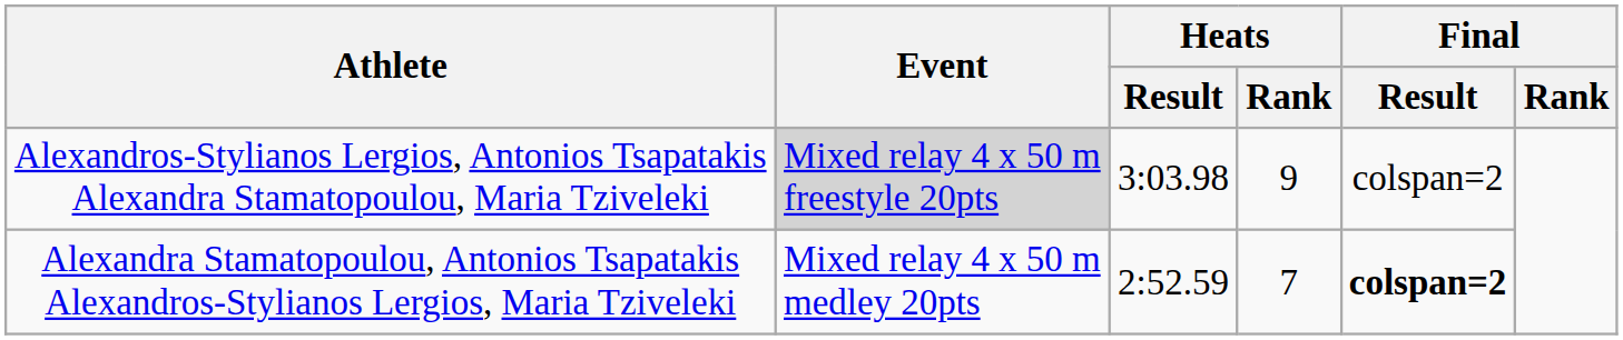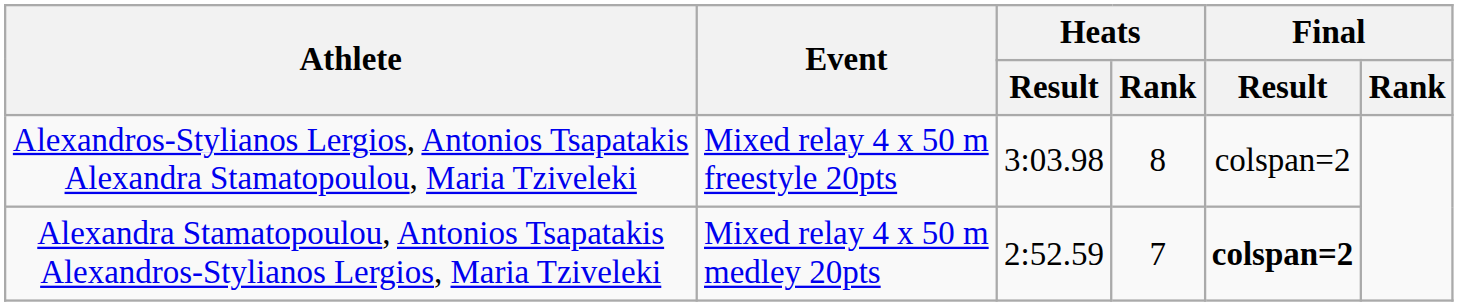 <table class=wikitable style="font-size:90%">
 <tr>
 <th rowspan="2">Athlete</th>
 <th rowspan="2">Event</th>
 <th colspan="2">Heats</th>
 <th colspan="2">Final</th>
 </tr>
 <tr>
 <th>Result</th>
 <th>Rank</th>
 <th>Result</th>
 <th>Rank</th>
 </tr>
 <tr align=center>
 <td><a href='#'>Alexandros-Stylianos Lergios</a>, <a href='#'>Antonios Tsapatakis</a> <br> <a href='#'>Alexandra Stamatopoulou</a>, <a href='#'>Maria Tziveleki</a></td>
-<td align=left style="background: lightgrey;"><a href='#'>Mixed relay 4 x 50 m <br> freestyle 20pts</a></td>
+<td align=left><a href='#'>Mixed relay 4 x 50 m <br> freestyle 20pts</a></td>
 <td>3:03.98</td>
-<td>9</td>
+<td>8</td>
 <td>colspan=2 </td>
 </tr>
 <tr align=center>
 <td><a href='#'>Alexandra Stamatopoulou</a>, <a href='#'>Antonios Tsapatakis</a> <br> <a href='#'>Alexandros-Stylianos Lergios</a>, <a href='#'>Maria Tziveleki</a></td>
 <td align=left><a href='#'>Mixed relay 4 x 50 m <br> medley 20pts</a></td>
 <td>2:52.59</td>
 <td>7</td>
 <td><strong>colspan=2 </strong></td>
 </tr>
 </table>
